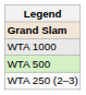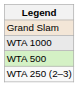 <table class=wikitable style="font-size:90%">
 <tr>
 <th>Legend</th>
 </tr>
 <tr>
-<td bgcolor=#f3e6d7><strong>Grand Slam</strong></td>
+<td bgcolor=#f3e6d7>Grand Slam</td>
 </tr>
 <tr>
 <td bgcolor=#e9e9e9>WTA 1000</td>
 </tr>
 <tr>
 <td bgcolor=#d4f1c5>WTA 500</td>
 </tr>
 <tr>
 <td>WTA 250 (2–3)</td>
 </tr>
 </table>
